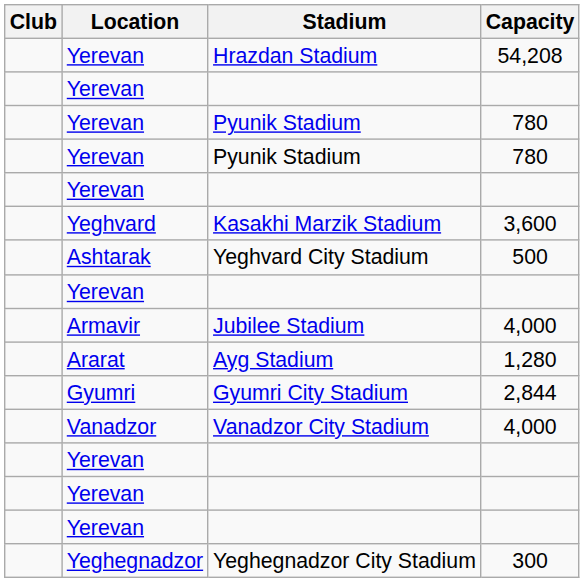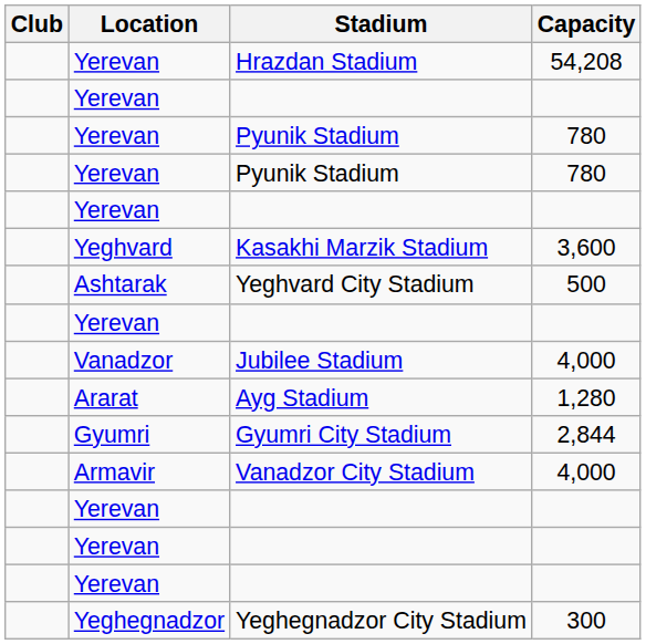 <table class="wikitable sortable" style="font-size:95%">
 <tr>
 <th>Club</th>
 <th>Location</th>
 <th>Stadium</th>
 <th>Capacity</th>
 </tr>
 <tr>
 <td></td>
 <td><a href='#'>Yerevan</a></td>
 <td><a href='#'>Hrazdan Stadium</a></td>
 <td style="text-align:center;">54,208</td>
 </tr>
 <tr>
 <td></td>
 <td><a href='#'>Yerevan</a></td>
 <td></td>
 <td style="text-align:center;"></td>
 </tr>
 <tr>
 <td></td>
 <td><a href='#'>Yerevan</a></td>
 <td><a href='#'>Pyunik Stadium</a></td>
 <td style="text-align:center;">780</td>
 </tr>
 <tr>
 <td></td>
 <td><a href='#'>Yerevan</a></td>
 <td>Pyunik Stadium</td>
 <td style="text-align:center;">780</td>
 </tr>
 <tr>
 <td></td>
 <td><a href='#'>Yerevan</a></td>
 <td></td>
 <td style="text-align:center;"></td>
 </tr>
 <tr>
 <td></td>
 <td><a href='#'>Yeghvard</a></td>
 <td><a href='#'>Kasakhi Marzik Stadium</a></td>
 <td style="text-align:center;">3,600</td>
 </tr>
 <tr>
 <td></td>
 <td><a href='#'>Ashtarak</a></td>
 <td>Yeghvard City Stadium</td>
 <td style="text-align:center;">500</td>
 </tr>
 <tr>
 <td></td>
 <td><a href='#'>Yerevan</a></td>
 <td></td>
 <td style="text-align:center;"></td>
 </tr>
 <tr>
 <td></td>
-<td><a href='#'>Armavir</a></td>
+<td><a href='#'>Vanadzor</a></td>
 <td><a href='#'>Jubilee Stadium</a></td>
 <td style="text-align:center;">4,000</td>
 </tr>
 <tr>
 <td></td>
 <td><a href='#'>Ararat</a></td>
 <td><a href='#'>Ayg Stadium</a></td>
 <td style="text-align:center;">1,280</td>
 </tr>
 <tr>
 <td></td>
 <td><a href='#'>Gyumri</a></td>
 <td><a href='#'>Gyumri City Stadium</a></td>
 <td style="text-align:center;">2,844</td>
 </tr>
 <tr>
 <td></td>
-<td><a href='#'>Vanadzor</a></td>
+<td><a href='#'>Armavir</a></td>
 <td><a href='#'>Vanadzor City Stadium</a></td>
 <td style="text-align:center;">4,000</td>
 </tr>
 <tr>
 <td></td>
 <td><a href='#'>Yerevan</a></td>
 <td></td>
 <td style="text-align:center;"></td>
 </tr>
 <tr>
 <td></td>
 <td><a href='#'>Yerevan</a></td>
 <td></td>
 <td style="text-align:center;"></td>
 </tr>
 <tr>
 <td></td>
 <td><a href='#'>Yerevan</a></td>
 <td></td>
 <td style="text-align:center;"></td>
 </tr>
 <tr>
 <td></td>
 <td><a href='#'>Yeghegnadzor</a></td>
 <td>Yeghegnadzor City Stadium</td>
 <td style="text-align:center;">300</td>
 </tr>
 </table>
